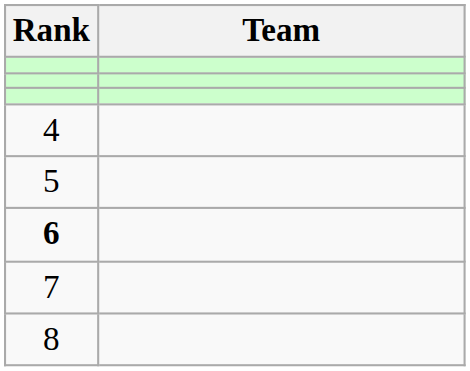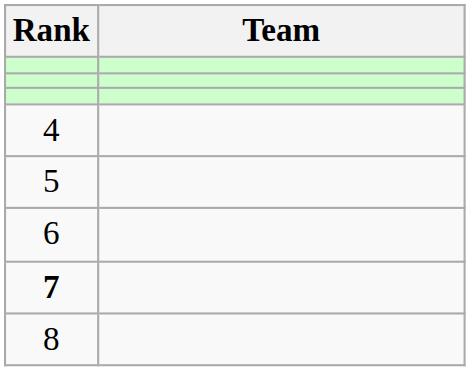 <table class="wikitable">
 <tr>
 <th>Rank</th>
 <th width=170>Team</th>
 </tr>
 <tr bgcolor=ccffcc>
 <td align=center></td>
 <td></td>
 </tr>
 <tr bgcolor=ccffcc>
 <td align=center></td>
 <td></td>
 </tr>
 <tr bgcolor=ccffcc>
 <td align=center></td>
 <td></td>
 </tr>
 <tr>
 <td align=center>4</td>
 <td></td>
 </tr>
 <tr>
 <td align=center>5</td>
 <td></td>
 </tr>
 <tr>
-<td align=center><strong>6</strong></td>
+<td align=center>6</td>
 <td></td>
 </tr>
 <tr>
-<td align=center>7</td>
+<td align=center><strong>7</strong></td>
 <td></td>
 </tr>
 <tr>
 <td align=center>8</td>
 <td></td>
 </tr>
 </table>
